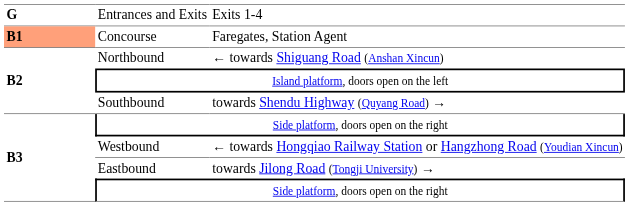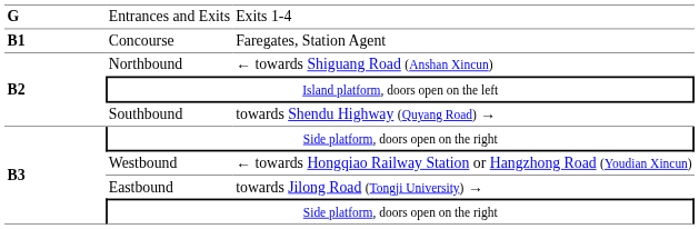 <table cellspacing=0 cellpadding=3>
 <tr>
 <td style="border-top:solid 1px gray;border-bottom:solid 1px gray;" width=100><strong>G</strong></td>
 <td style="border-top:solid 1px gray;border-bottom:solid 1px gray;">Entrances and Exits</td>
 <td style="border-top:solid 1px gray;border-bottom:solid 1px gray;">Exits 1-4</td>
 </tr>
 <tr>
-<td style="background: lightsalmon; border-bottom:solid 1px gray;"><strong>B1</strong></td>
+<td style="border-bottom:solid 1px gray;"><strong>B1</strong></td>
 <td style="border-bottom:solid 1px gray;">Concourse</td>
 <td style="border-bottom:solid 1px gray;">Faregates, Station Agent</td>
 </tr>
 <tr>
 <td style="border-bottom:solid 1px gray;" rowspan=3><strong>B2</strong></td>
 <td>Northbound</td>
 <td>←  towards <a href='#'>Shiguang Road</a> <small>(<a href='#'>Anshan Xincun</a>)</small></td>
 </tr>
 <tr>
 <td style="border-right:solid 2px black;border-left:solid 2px black;border-top:solid 2px black;border-bottom:solid 2px black;text-align:center;" colspan=2><small><a href='#'>Island platform</a>, doors open on the left</small></td>
 </tr>
 <tr>
 <td style="border-bottom:solid 1px gray;">Southbound</td>
 <td style="border-bottom:solid 1px gray;">  towards <a href='#'>Shendu Highway</a> <small>(<a href='#'>Quyang Road</a>)</small> →</td>
 </tr>
 <tr>
 <td style="border-bottom:solid 1px gray;" rowspan=4><strong>B3</strong></td>
 <td style="border-right:solid 2px black;border-left:solid 2px black;border-bottom:solid 2px black;text-align:center;" colspan=2><small><a href='#'>Side platform</a>, doors open on the right</small></td>
 </tr>
 <tr>
 <td style="border-bottom:solid 1px gray;">Westbound</td>
 <td style="border-bottom:solid 1px gray;">←  towards <a href='#'>Hongqiao Railway Station</a> or <a href='#'>Hangzhong Road</a> <small>(<a href='#'>Youdian Xincun</a>)</small></td>
 </tr>
 <tr>
 <td>Eastbound</td>
 <td>  towards <a href='#'>Jilong Road</a> <small>(<a href='#'>Tongji University</a>)</small> →</td>
 </tr>
 <tr>
 <td style="border-right:solid 2px black;border-left:solid 2px black;border-top:solid 2px black;border-bottom:solid 1px gray;text-align:center;" colspan=2><small><a href='#'>Side platform</a>, doors open on the right</small></td>
 </tr>
 </table>
